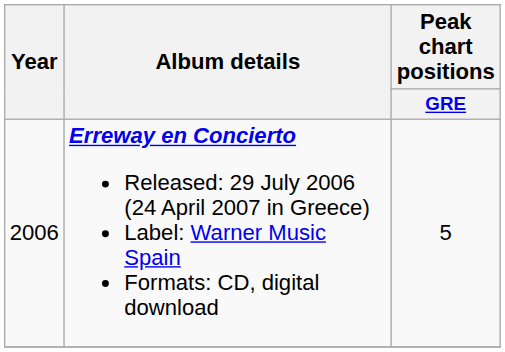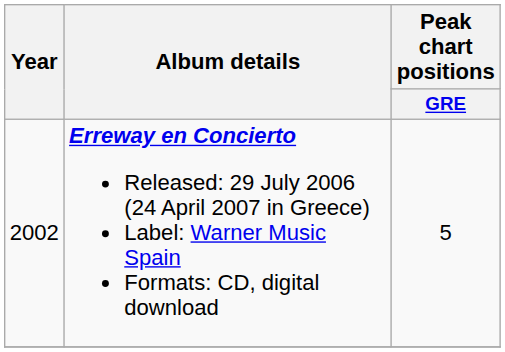 <table class="wikitable" style="text-align:center;">
 <tr>
 <th rowspan="2">Year</th>
 <th rowspan="2" width="230">Album details</th>
 <th colspan="1">Peak chart positions</th>
 </tr>
 <tr>
 <th style="width:3em;font-size:85%"><a href='#'>GRE</a></th>
 </tr>
 <tr>
-<td>2006</td>
+<td>2002</td>
 <td align=left><strong><em><a href='#'>Erreway en Concierto</a></em></strong><br><ul><li>Released: 29 July 2006 (24 April 2007 in Greece)</li><li>Label: <a href='#'>Warner Music Spain</a></li><li>Formats: CD, digital download</li></ul></td>
 <td>5</td>
 </tr>
 <tr>
 </tr>
 </table>
